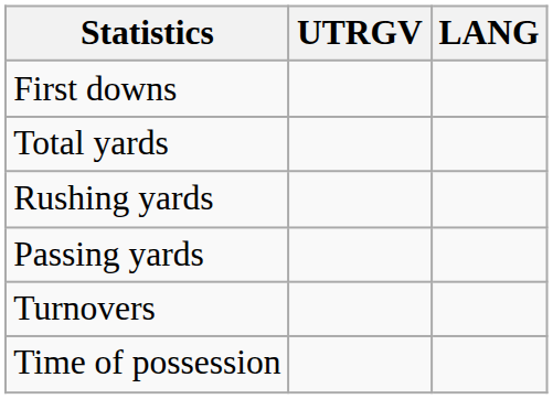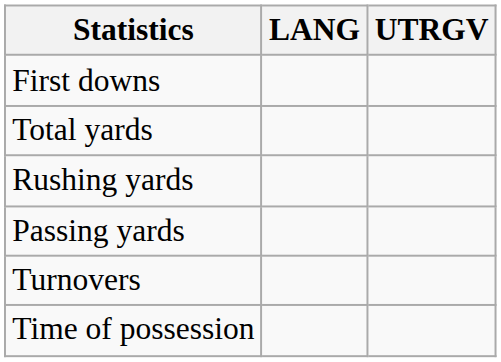 <table class="wikitable" style="float:left">
 <tr>
 <th>Statistics</th>
+<th>LANG</th>
 <th>UTRGV</th>
-<th>LANG</th>
 </tr>
 <tr>
 <td>First downs</td>
 <td></td>
 <td></td>
 </tr>
 <tr>
 <td>Total yards</td>
 <td></td>
 <td></td>
 </tr>
 <tr>
 <td>Rushing yards</td>
 <td></td>
 <td></td>
 </tr>
 <tr>
 <td>Passing yards</td>
 <td></td>
 <td></td>
 </tr>
 <tr>
 <td>Turnovers</td>
 <td></td>
 <td></td>
 </tr>
 <tr>
 <td>Time of possession</td>
 <td></td>
 <td></td>
 </tr>
 </table>
